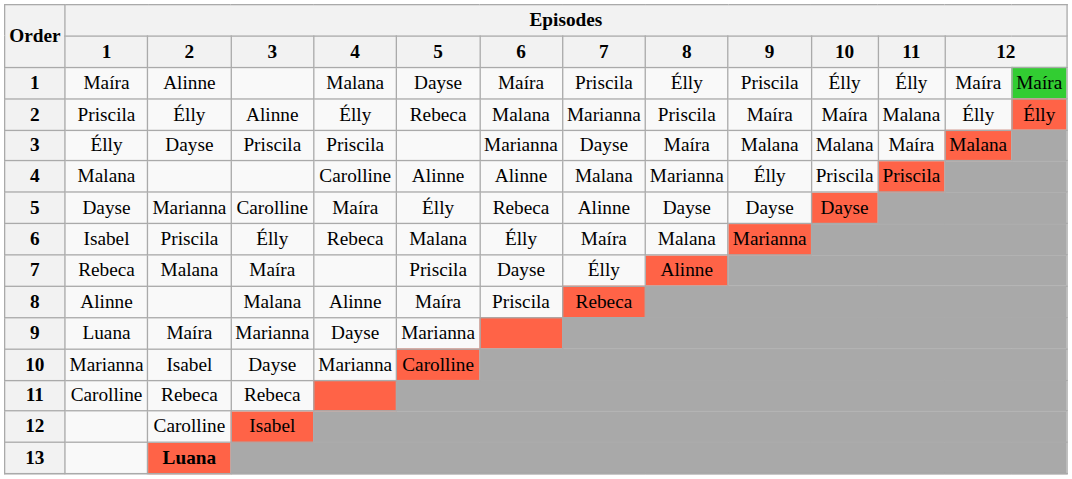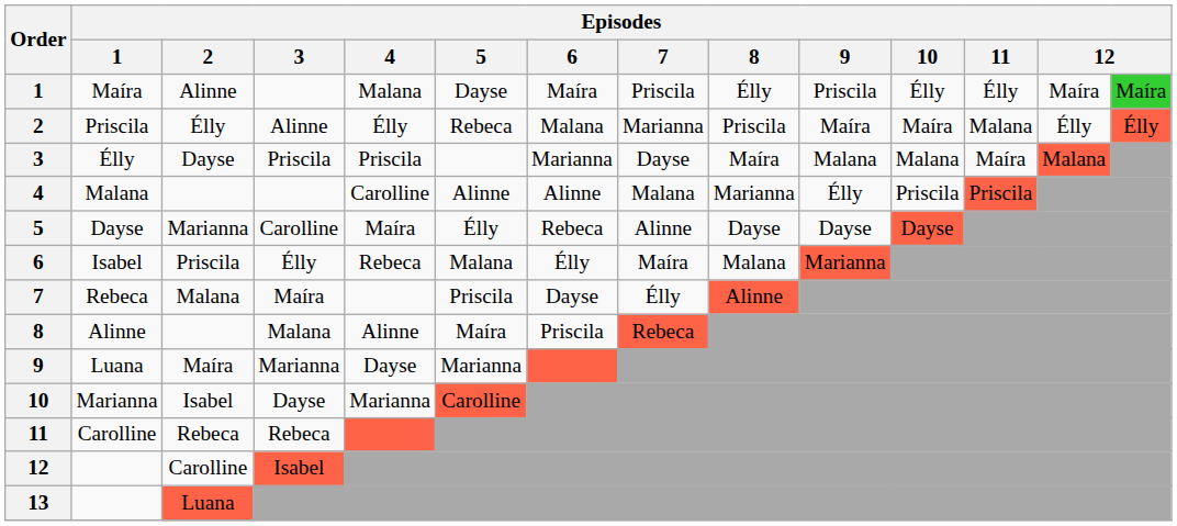 <table class="wikitable" style="text-align:center; font-size:92%">
 <tr>
 <th rowspan=2>Order</th>
 <th colspan=13>Episodes</th>
 </tr>
 <tr>
 <th>1</th>
 <th>2</th>
 <th>3</th>
 <th>4</th>
 <th>5</th>
 <th>6</th>
 <th>7</th>
 <th>8</th>
 <th>9</th>
 <th>10</th>
 <th>11</th>
 <th colspan=2>12</th>
 </tr>
 <tr>
 <th>1</th>
 <td>Maíra</td>
 <td>Alinne</td>
 <td></td>
 <td>Malana</td>
 <td>Dayse</td>
 <td>Maíra</td>
 <td>Priscila</td>
 <td>Élly</td>
 <td>Priscila</td>
 <td>Élly</td>
 <td>Élly</td>
 <td>Maíra</td>
 <td bgcolor="limegreen">Maíra</td>
 </tr>
 <tr>
 <th>2</th>
 <td>Priscila</td>
 <td>Élly</td>
 <td>Alinne</td>
 <td>Élly</td>
 <td>Rebeca</td>
 <td>Malana</td>
 <td>Marianna</td>
 <td>Priscila</td>
 <td>Maíra</td>
 <td>Maíra</td>
 <td>Malana</td>
 <td>Élly</td>
 <td bgcolor="tomato">Élly</td>
 </tr>
 <tr>
 <th>3</th>
 <td>Élly</td>
 <td>Dayse</td>
 <td>Priscila</td>
 <td>Priscila</td>
 <td></td>
 <td>Marianna</td>
 <td>Dayse</td>
 <td>Maíra</td>
 <td>Malana</td>
 <td>Malana</td>
 <td>Maíra</td>
 <td bgcolor="tomato">Malana</td>
 <td bgcolor="darkgray"></td>
 </tr>
 <tr>
 <th>4</th>
 <td>Malana</td>
 <td></td>
 <td></td>
 <td>Carolline</td>
 <td>Alinne</td>
 <td>Alinne</td>
 <td>Malana</td>
 <td>Marianna</td>
 <td>Élly</td>
 <td>Priscila</td>
 <td bgcolor="tomato">Priscila</td>
 <td colspan=2 bgcolor="darkgray"></td>
 </tr>
 <tr>
 <th>5</th>
 <td>Dayse</td>
 <td>Marianna</td>
 <td>Carolline</td>
 <td>Maíra</td>
 <td>Élly</td>
 <td>Rebeca</td>
 <td>Alinne</td>
 <td>Dayse</td>
 <td>Dayse</td>
 <td bgcolor="tomato">Dayse</td>
 <td colspan=3 bgcolor="darkgray"></td>
 </tr>
 <tr>
 <th>6</th>
 <td>Isabel</td>
 <td>Priscila</td>
 <td>Élly</td>
 <td>Rebeca</td>
 <td>Malana</td>
 <td>Élly</td>
 <td>Maíra</td>
 <td>Malana</td>
 <td bgcolor="tomato">Marianna</td>
 <td colspan=4 bgcolor="darkgray"></td>
 </tr>
 <tr>
 <th>7</th>
 <td>Rebeca</td>
 <td>Malana</td>
 <td>Maíra</td>
 <td></td>
 <td>Priscila</td>
 <td>Dayse</td>
 <td>Élly</td>
 <td bgcolor="tomato">Alinne</td>
 <td colspan=5 bgcolor="darkgray"></td>
 </tr>
 <tr>
 <th>8</th>
 <td>Alinne</td>
 <td></td>
 <td>Malana</td>
 <td>Alinne</td>
 <td>Maíra</td>
 <td>Priscila</td>
 <td bgcolor="tomato">Rebeca</td>
 <td colspan=6 bgcolor="darkgray"></td>
 </tr>
 <tr>
 <th>9</th>
 <td>Luana</td>
 <td>Maíra</td>
 <td>Marianna</td>
 <td>Dayse</td>
 <td>Marianna</td>
 <td bgcolor="tomato"></td>
 <td colspan=7 bgcolor="darkgray"></td>
 </tr>
 <tr>
 <th>10</th>
 <td>Marianna</td>
 <td>Isabel</td>
 <td>Dayse</td>
 <td>Marianna</td>
 <td bgcolor="tomato">Carolline</td>
 <td colspan=9 bgcolor="darkgray"></td>
 </tr>
 <tr>
 <th>11</th>
 <td>Carolline</td>
 <td>Rebeca</td>
 <td>Rebeca</td>
 <td bgcolor="tomato"></td>
 <td colspan=9 bgcolor="darkgray"></td>
 </tr>
 <tr>
 <th>12</th>
 <td></td>
 <td>Carolline</td>
 <td bgcolor="tomato">Isabel</td>
 <td colspan=10 bgcolor="darkgray"></td>
 </tr>
 <tr>
 <th>13</th>
 <td></td>
-<td bgcolor="tomato"><strong>Luana</strong></td>
+<td bgcolor="tomato">Luana</td>
 <td colspan=11 bgcolor="darkgray"></td>
 </tr>
 <tr>
 </tr>
 </table>
